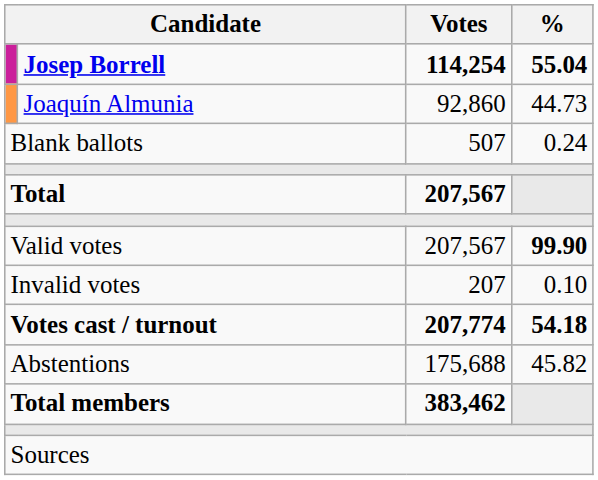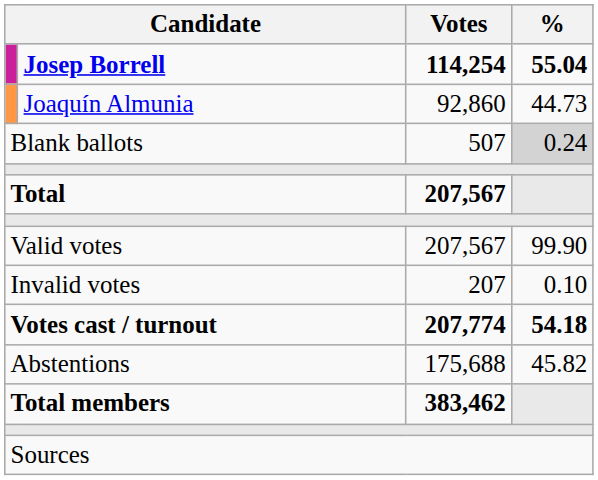 <table class="wikitable" style="text-align:right;">
 <tr>
 <th colspan="2" width="250">Candidate</th>
 <th width="60">Votes</th>
 <th width="45">%</th>
 </tr>
 <tr>
 <td width="1" style="color:inherit;background:#CB1F9B"></td>
 <td align="left"><strong><a href='#'>Josep Borrell</a></strong></td>
 <td><strong>114,254</strong></td>
 <td><strong>55.04</strong></td>
 </tr>
 <tr>
 <td style="color:inherit;background:#FF9744"></td>
 <td align="left"><a href='#'>Joaquín Almunia</a></td>
 <td>92,860</td>
 <td>44.73</td>
 </tr>
 <tr>
 <td align="left" colspan="2">Blank ballots</td>
 <td>507</td>
-<td>0.24</td>
+<td style="background: lightgrey;">0.24</td>
 </tr>
 <tr>
 <td colspan="8" bgcolor="#E9E9E9"></td>
 </tr>
 <tr style="font-weight:bold;">
 <td align="left" colspan="2">Total</td>
 <td>207,567</td>
 <td bgcolor="#E9E9E9"></td>
 </tr>
 <tr>
 <td colspan="4" bgcolor="#E9E9E9"></td>
 </tr>
 <tr>
 <td align="left" colspan="2">Valid votes</td>
 <td>207,567</td>
-<td><strong>99.90</strong></td>
+<td>99.90</td>
 </tr>
 <tr>
 <td align="left" colspan="2">Invalid votes</td>
 <td>207</td>
 <td>0.10</td>
 </tr>
 <tr style="font-weight:bold;">
 <td align="left" colspan="2">Votes cast / turnout</td>
 <td>207,774</td>
 <td>54.18</td>
 </tr>
 <tr>
 <td align="left" colspan="2">Abstentions</td>
 <td>175,688</td>
 <td>45.82</td>
 </tr>
 <tr style="font-weight:bold;">
 <td align="left" colspan="2">Total members</td>
 <td>383,462</td>
 <td bgcolor="#E9E9E9"></td>
 </tr>
 <tr>
 <td colspan="4" bgcolor="#E9E9E9"></td>
 </tr>
 <tr>
 <td align="left" colspan="4">Sources</td>
 </tr>
 </table>
